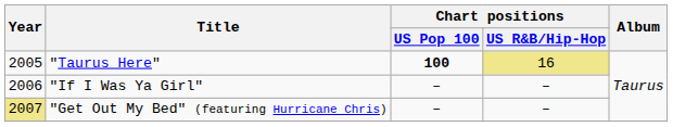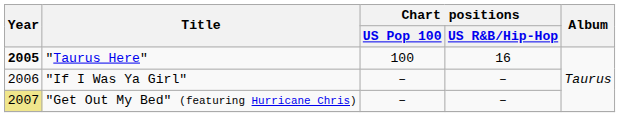 <table class="wikitable">
 <tr>
 <th rowspan="2">Year</th>
 <th rowspan="2">Title</th>
 <th colspan="2">Chart positions</th>
 <th rowspan="2">Album</th>
 </tr>
 <tr>
 <th><a href='#'>US Pop 100</a></th>
 <th><a href='#'>US R&B/Hip-Hop</a></th>
 </tr>
 <tr>
-<td>2005</td>
+<td><strong>2005</strong></td>
 <td>"<a href='#'>Taurus Here</a>"</td>
-<td align="center"><strong>100</strong></td>
-<td align="center" style="background: khaki;">16</td>
+<td align="center">100</td>
+<td align="center">16</td>
 <td rowspan="3"><em>Taurus</em></td>
 </tr>
 <tr>
 <td>2006</td>
 <td>"If I Was Ya Girl"</td>
 <td align="center">–</td>
 <td align="center">–</td>
 </tr>
 <tr>
 <td style="background: khaki;">2007</td>
 <td>"Get Out My Bed" <small>(featuring <a href='#'>Hurricane Chris</a>)</small></td>
 <td align="center">–</td>
 <td align="center">–</td>
 </tr>
 <tr>
 </tr>
 </table>
